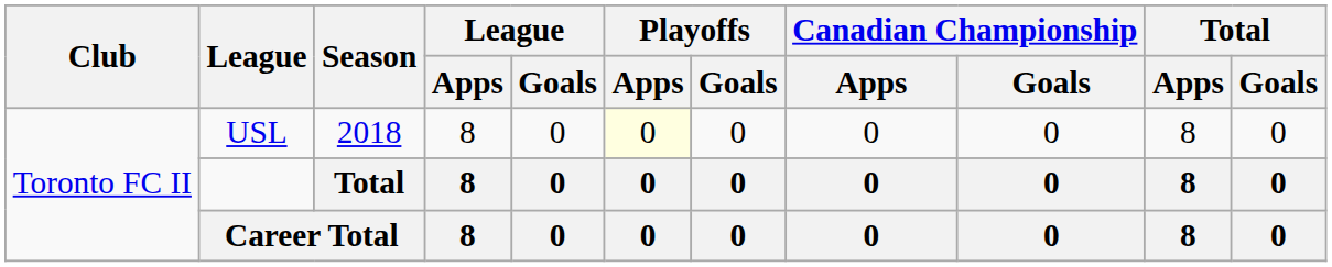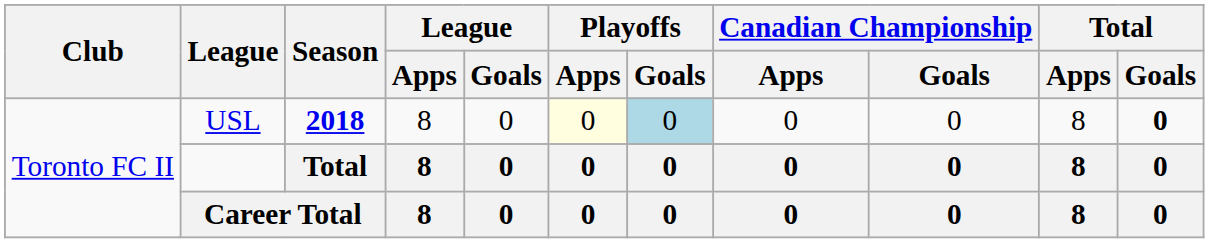 <table class="wikitable" style="text-align: center;">
 <tr>
 <th rowspan="2">Club</th>
 <th rowspan="2">League</th>
 <th rowspan="2">Season</th>
 <th colspan="2">League</th>
 <th colspan="2">Playoffs</th>
 <th colspan="2"><a href='#'>Canadian Championship</a></th>
 <th colspan="2">Total</th>
 </tr>
 <tr>
 <th>Apps</th>
 <th>Goals</th>
 <th>Apps</th>
 <th>Goals</th>
 <th>Apps</th>
 <th>Goals</th>
 <th>Apps</th>
 <th>Goals</th>
 </tr>
 <tr>
 <td rowspan="3"><a href='#'>Toronto FC II</a></td>
 <td rowspan="1"><a href='#'>USL</a></td>
-<td><a href='#'>2018</a></td>
+<td><strong><a href='#'>2018</a></strong></td>
 <td>8</td>
 <td>0</td>
 <td style="background: lightyellow;">0</td>
-<td>0</td>
+<td style="background: lightblue;">0</td>
 <td>0</td>
 <td>0</td>
 <td>8</td>
-<td>0</td>
+<td><strong>0</strong></td>
 </tr>
 <tr>
 <td></td>
 <th colspan="1">Total</th>
 <th>8</th>
 <th>0</th>
 <th>0</th>
 <th>0</th>
 <th>0</th>
 <th>0</th>
 <th>8</th>
 <th>0</th>
 </tr>
 <tr>
 <th colspan="2">Career Total</th>
 <th>8</th>
 <th>0</th>
 <th>0</th>
 <th>0</th>
 <th>0</th>
 <th>0</th>
 <th>8</th>
 <th>0</th>
 </tr>
 </table>
